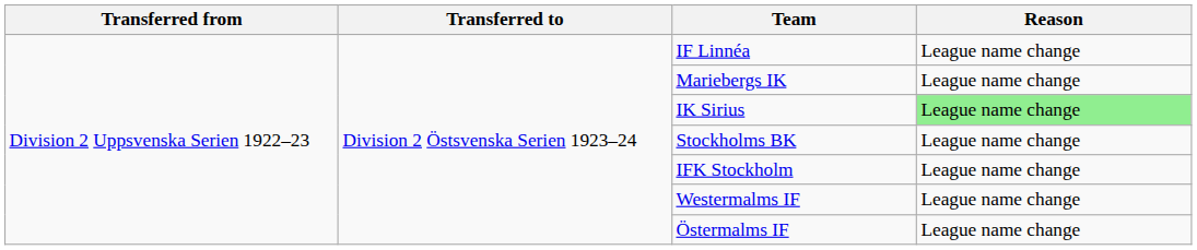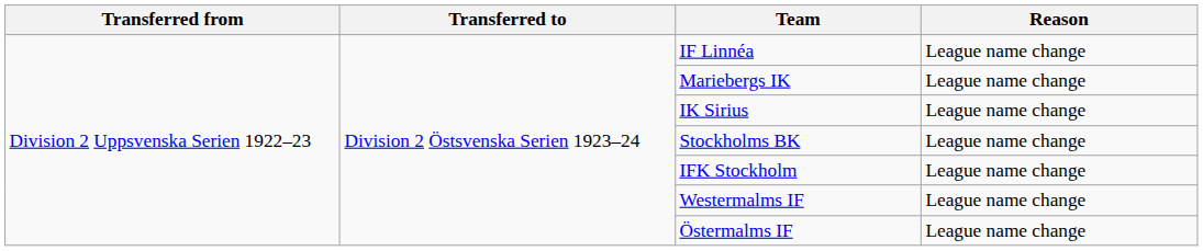 <table class="wikitable" style="text-align: left;">
 <tr>
 <th style="width: 275px;">Transferred from</th>
 <th style="width: 275px;">Transferred to</th>
 <th style="width: 200px;">Team</th>
 <th style="width: 225px;">Reason</th>
 </tr>
 <tr>
 <td rowspan=7><a href='#'>Division 2</a> <a href='#'>Uppsvenska Serien</a> 1922–23</td>
 <td rowspan=7><a href='#'>Division 2</a> <a href='#'>Östsvenska Serien</a> 1923–24</td>
 <td><a href='#'>IF Linnéa</a></td>
 <td>League name change</td>
 </tr>
 <tr>
 <td><a href='#'>Mariebergs IK</a></td>
 <td>League name change</td>
 </tr>
 <tr>
 <td><a href='#'>IK Sirius</a></td>
-<td style="background: lightgreen;">League name change</td>
+<td>League name change</td>
 </tr>
 <tr>
 <td><a href='#'>Stockholms BK</a></td>
 <td>League name change</td>
 </tr>
 <tr>
 <td><a href='#'>IFK Stockholm</a></td>
 <td>League name change</td>
 </tr>
 <tr>
 <td><a href='#'>Westermalms IF</a></td>
 <td>League name change</td>
 </tr>
 <tr>
 <td><a href='#'>Östermalms IF</a></td>
 <td>League name change</td>
 </tr>
 </table>
